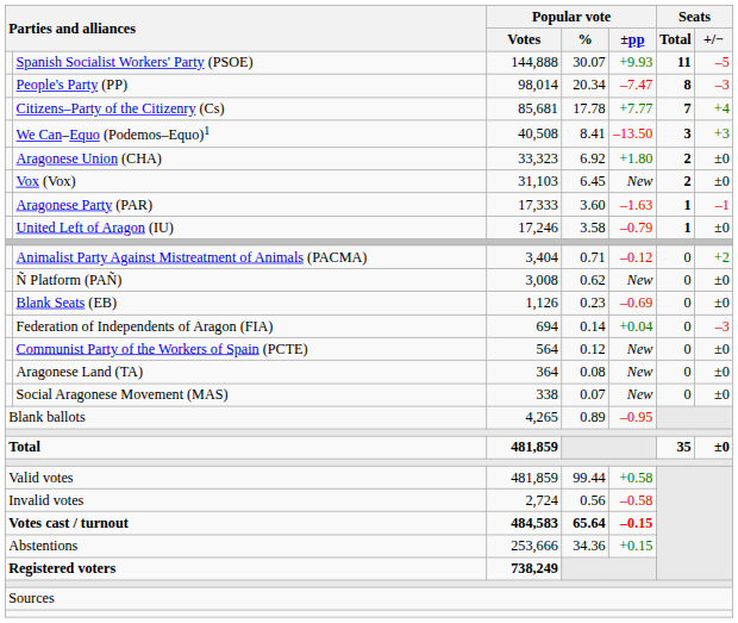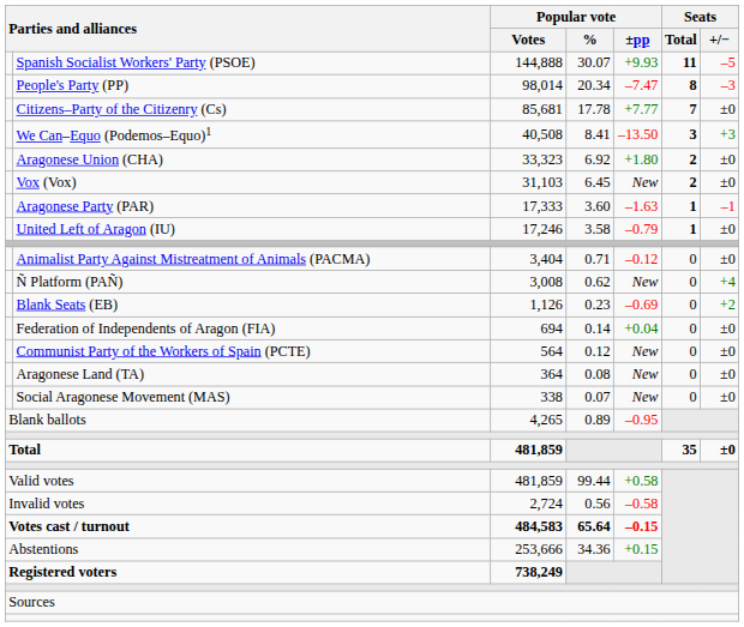 <table class="wikitable" style="text-align:right;">
 <tr>
 <th style="text-align:left;" rowspan="2" colspan="2" width="525">Parties and alliances</th>
 <th colspan="3">Popular vote</th>
 <th colspan="2">Seats</th>
 </tr>
 <tr>
 <th width="75">Votes</th>
 <th width="45">%</th>
 <th width="45">±<a href='#'>pp</a></th>
 <th width="35">Total</th>
 <th width="35">+/−</th>
 </tr>
 <tr>
 <td width="1" style="color:inherit;background:"></td>
 <td align="left"><a href='#'>Spanish Socialist Workers' Party</a> (PSOE)</td>
 <td>144,888</td>
 <td>30.07</td>
 <td style="color:green;">+9.93</td>
 <td><strong>11</strong></td>
 <td style="color:red;">–5</td>
 </tr>
 <tr>
 <td style="color:inherit;background:"></td>
 <td align="left"><a href='#'>People's Party</a> (PP)</td>
 <td>98,014</td>
 <td>20.34</td>
 <td style="color:red;">–7.47</td>
 <td><strong>8</strong></td>
 <td style="color:red;">–3</td>
 </tr>
 <tr>
 <td style="color:inherit;background:"></td>
 <td align="left"><a href='#'>Citizens–Party of the Citizenry</a> (Cs)</td>
 <td>85,681</td>
 <td>17.78</td>
 <td style="color:green;">+7.77</td>
 <td><strong>7</strong></td>
-<td style="color:green;">+4</td>
+<td>±0</td>
 </tr>
 <tr>
 <td style="color:inherit;background:"></td>
 <td align="left"><a href='#'>We Can</a>–<a href='#'>Equo</a> (Podemos–Equo)<sup>1</sup></td>
 <td>40,508</td>
 <td>8.41</td>
 <td style="color:red;">–13.50</td>
 <td><strong>3</strong></td>
 <td style="color:green;">+3</td>
 </tr>
 <tr>
 <td style="color:inherit;background:"></td>
 <td align="left"><a href='#'>Aragonese Union</a> (CHA)</td>
 <td>33,323</td>
 <td>6.92</td>
 <td style="color:green;">+1.80</td>
 <td><strong>2</strong></td>
 <td>±0</td>
 </tr>
 <tr>
 <td style="color:inherit;background:"></td>
 <td align="left"><a href='#'>Vox</a> (Vox)</td>
 <td>31,103</td>
 <td>6.45</td>
 <td><em>New</em></td>
 <td><strong>2</strong></td>
 <td>±0</td>
 </tr>
 <tr>
 <td style="color:inherit;background:"></td>
 <td align="left"><a href='#'>Aragonese Party</a> (PAR)</td>
 <td>17,333</td>
 <td>3.60</td>
 <td style="color:red;">–1.63</td>
 <td><strong>1</strong></td>
 <td style="color:red;">–1</td>
 </tr>
 <tr>
 <td style="color:inherit;background:"></td>
 <td align="left"><a href='#'>United Left of Aragon</a> (IU)</td>
 <td>17,246</td>
 <td>3.58</td>
 <td style="color:red;">–0.79</td>
 <td><strong>1</strong></td>
 <td>±0</td>
 </tr>
 <tr>
 <td colspan="7" bgcolor="#C0C0C0"></td>
 </tr>
 <tr>
 <td style="color:inherit;background:"></td>
 <td align="left"><a href='#'>Animalist Party Against Mistreatment of Animals</a> (PACMA)</td>
 <td>3,404</td>
 <td>0.71</td>
 <td style="color:red;">–0.12</td>
 <td>0</td>
-<td style="color:green;">+2</td>
+<td>±0</td>
 </tr>
 <tr>
 <td style="color:inherit;background:"></td>
 <td align="left">Ñ Platform (PAÑ)</td>
 <td>3,008</td>
 <td>0.62</td>
 <td><em>New</em></td>
 <td>0</td>
-<td>±0</td>
+<td style="color:green;">+4</td>
 </tr>
 <tr>
 <td style="color:inherit;background:"></td>
 <td align="left"><a href='#'>Blank Seats</a> (EB)</td>
 <td>1,126</td>
 <td>0.23</td>
 <td style="color:red;">–0.69</td>
 <td>0</td>
-<td>±0</td>
+<td style="color:green;">+2</td>
 </tr>
 <tr>
 <td style="color:inherit;background:"></td>
 <td align="left">Federation of Independents of Aragon (FIA)</td>
 <td>694</td>
 <td>0.14</td>
 <td style="color:green;">+0.04</td>
 <td>0</td>
-<td style="color:red;">–3</td>
+<td>±0</td>
 </tr>
 <tr>
 <td style="color:inherit;background:"></td>
 <td align="left"><a href='#'>Communist Party of the Workers of Spain</a> (PCTE)</td>
 <td>564</td>
 <td>0.12</td>
 <td><em>New</em></td>
 <td>0</td>
 <td>±0</td>
 </tr>
 <tr>
 <td style="color:inherit;background:"></td>
 <td align="left">Aragonese Land (TA)</td>
 <td>364</td>
 <td>0.08</td>
 <td><em>New</em></td>
 <td>0</td>
 <td>±0</td>
 </tr>
 <tr>
 <td style="color:inherit;background:"></td>
 <td align="left">Social Aragonese Movement (MAS)</td>
 <td>338</td>
 <td>0.07</td>
 <td><em>New</em></td>
 <td>0</td>
 <td>±0</td>
 </tr>
 <tr>
 <td align="left" colspan="2">Blank ballots</td>
 <td>4,265</td>
 <td>0.89</td>
 <td style="color:red;">–0.95</td>
 <td bgcolor="#E9E9E9" colspan="2"></td>
 </tr>
 <tr>
 <td colspan="7" bgcolor="#E9E9E9"></td>
 </tr>
 <tr style="font-weight:bold;">
 <td align="left" colspan="2">Total</td>
 <td>481,859</td>
 <td bgcolor="#E9E9E9" colspan="2"></td>
 <td>35</td>
 <td>±0</td>
 </tr>
 <tr>
 <td colspan="7" bgcolor="#E9E9E9"></td>
 </tr>
 <tr>
 <td align="left" colspan="2">Valid votes</td>
 <td>481,859</td>
 <td>99.44</td>
 <td style="color:green;">+0.58</td>
 <td bgcolor="#E9E9E9" colspan="2" rowspan="5"></td>
 </tr>
 <tr>
 <td align="left" colspan="2">Invalid votes</td>
 <td>2,724</td>
 <td>0.56</td>
 <td style="color:red;">–0.58</td>
 </tr>
 <tr style="font-weight:bold;">
 <td align="left" colspan="2">Votes cast / turnout</td>
 <td>484,583</td>
 <td>65.64</td>
 <td style="color:red;">–0.15</td>
 </tr>
 <tr>
 <td align="left" colspan="2">Abstentions</td>
 <td>253,666</td>
 <td>34.36</td>
 <td style="color:green;">+0.15</td>
 </tr>
 <tr style="font-weight:bold;">
 <td align="left" colspan="2">Registered voters</td>
 <td>738,249</td>
 <td bgcolor="#E9E9E9" colspan="2"></td>
 </tr>
 <tr>
 <td colspan="7" bgcolor="#E9E9E9"></td>
 </tr>
 <tr>
 <td align="left" colspan="7">Sources</td>
 </tr>
 <tr>
 <td colspan="7" style="text-align:left; max-width:790px;"></td>
 </tr>
 </table>
